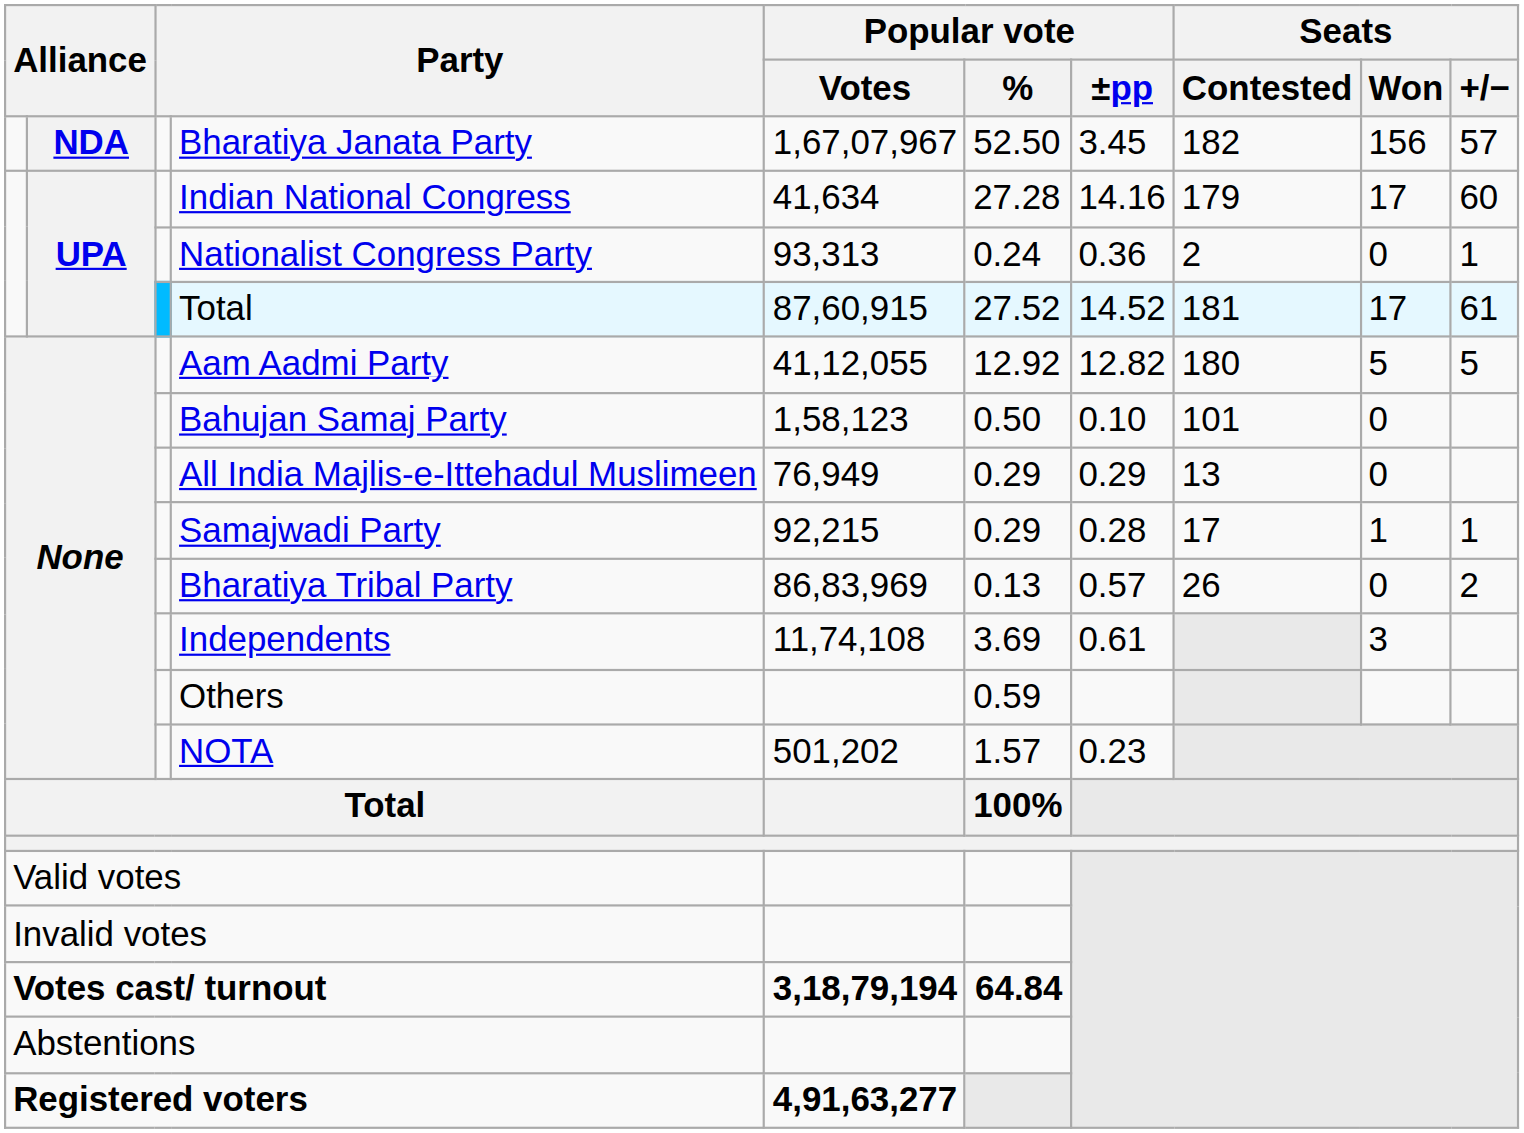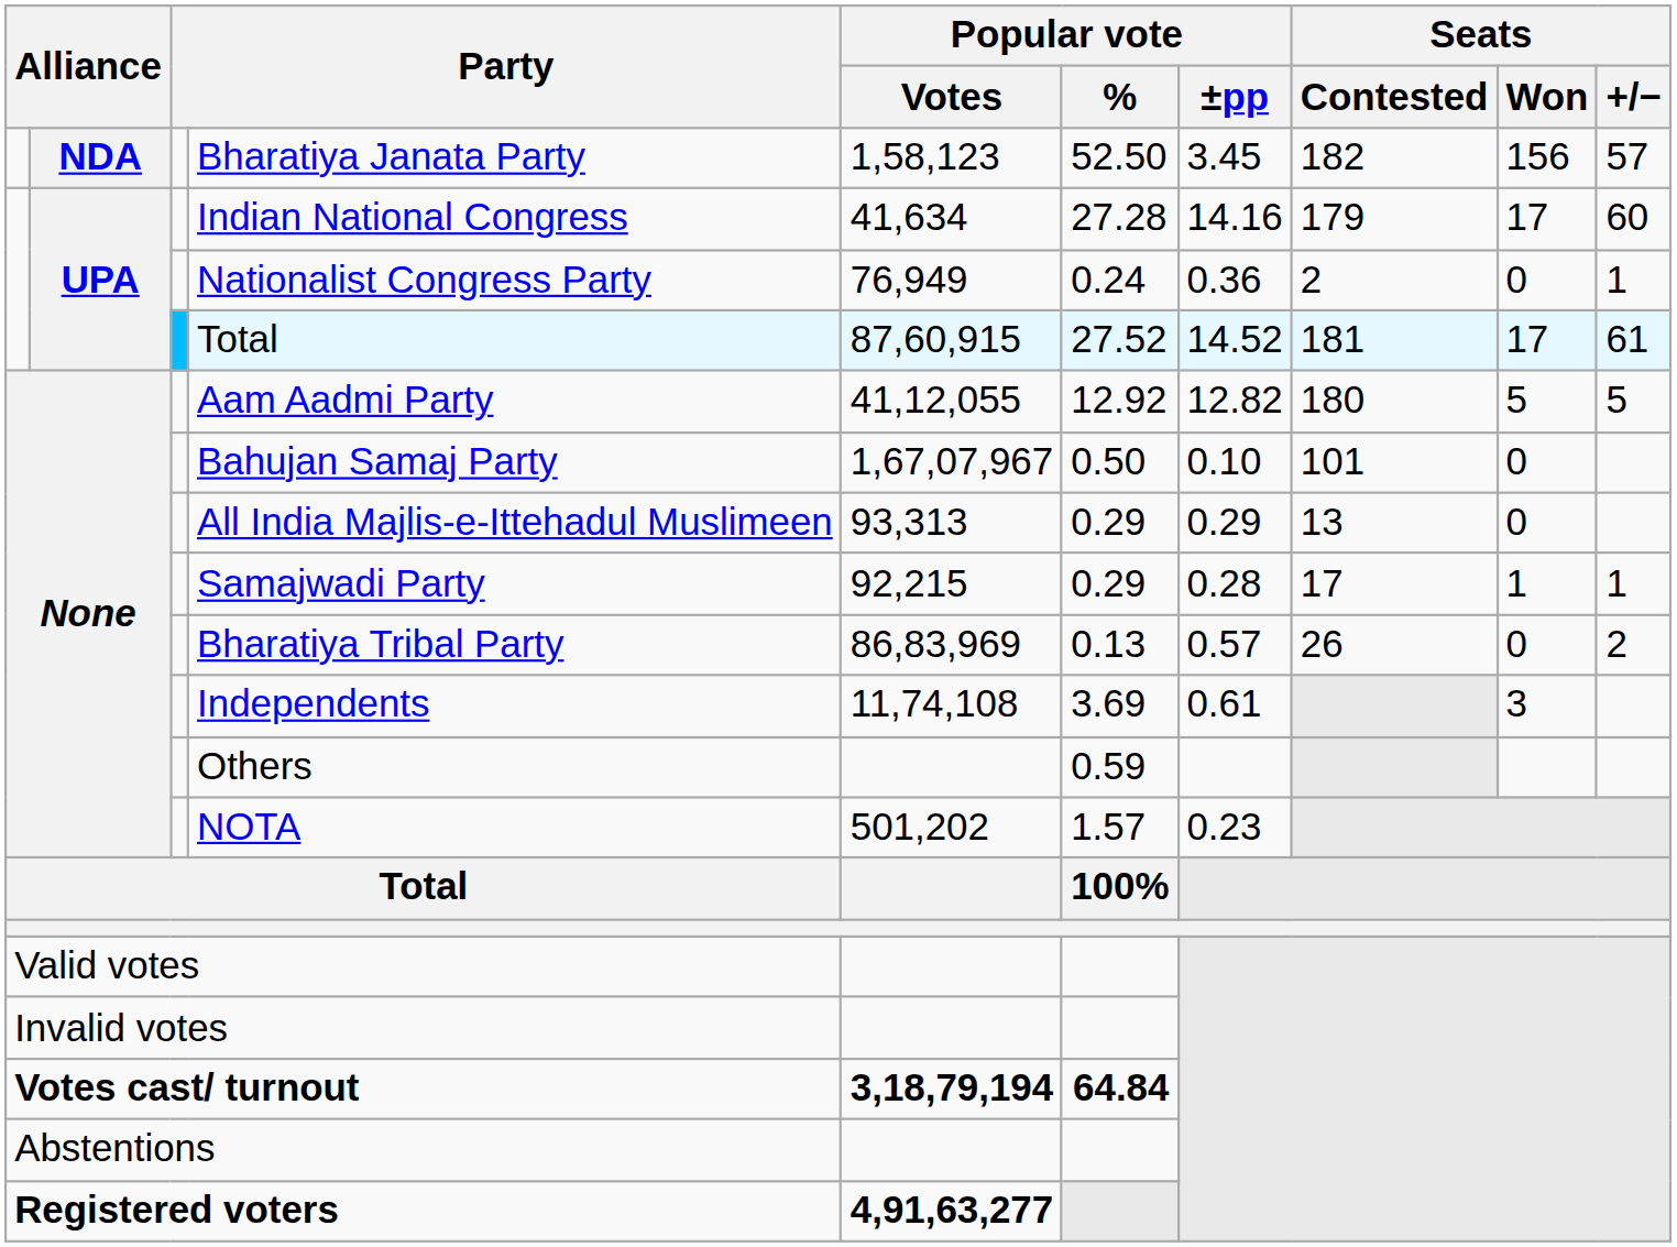 <table class="wikitable">
 <tr>
 <th colspan="2" rowspan="2">Alliance</th>
 <th colspan="2" rowspan="2">Party</th>
 <th colspan="3">Popular vote</th>
 <th colspan="3">Seats</th>
 </tr>
 <tr>
 <th>Votes</th>
 <th>%</th>
 <th>±<a href='#'>pp</a></th>
 <th>Contested</th>
 <th>Won</th>
 <th><strong>+/−</strong></th>
 </tr>
 <tr>
 <td></td>
 <th><a href='#'>NDA</a></th>
 <td></td>
 <td><a href='#'>Bharatiya Janata Party</a></td>
-<td>1,67,07,967</td>
+<td>1,58,123</td>
 <td>52.50</td>
 <td> 3.45</td>
 <td>182</td>
 <td>156</td>
 <td> 57</td>
 </tr>
 <tr>
 <td rowspan="3"></td>
 <th rowspan="3"><a href='#'>UPA</a></th>
 <td></td>
 <td><a href='#'>Indian National Congress</a></td>
 <td>41,634</td>
 <td>27.28</td>
 <td> 14.16</td>
 <td>179</td>
 <td>17</td>
 <td> 60</td>
 </tr>
 <tr>
 <td></td>
 <td><a href='#'>Nationalist Congress Party</a></td>
-<td>93,313</td>
+<td>76,949</td>
 <td>0.24</td>
 <td> 0.36</td>
 <td>2</td>
 <td>0</td>
 <td> 1</td>
 </tr>
 <tr>
 <td style="background:#00bbff"></td>
 <td style="background:#e5f8ff">Total</td>
 <td style="background:#e5f8ff">87,60,915</td>
 <td style="background:#e5f8ff">27.52</td>
 <td style="background:#e5f8ff"> 14.52</td>
 <td style="background:#e5f8ff">181</td>
 <td style="background:#e5f8ff">17</td>
 <td style="background:#e5f8ff"> 61</td>
 </tr>
 <tr>
 <th colspan="2" rowspan="8"><em>None</em></th>
 <td></td>
 <td><a href='#'>Aam Aadmi Party</a></td>
 <td>41,12,055</td>
 <td>12.92</td>
 <td> 12.82</td>
 <td>180</td>
 <td>5</td>
 <td> 5</td>
 </tr>
 <tr>
 <td></td>
 <td><a href='#'>Bahujan Samaj Party</a></td>
-<td>1,58,123</td>
+<td>1,67,07,967</td>
 <td>0.50</td>
 <td> 0.10</td>
 <td>101</td>
 <td>0</td>
 <td></td>
 </tr>
 <tr>
 <td></td>
 <td><a href='#'>All India Majlis-e-Ittehadul Muslimeen</a></td>
-<td>76,949</td>
+<td>93,313</td>
 <td>0.29</td>
 <td> 0.29</td>
 <td>13</td>
 <td>0</td>
 <td></td>
 </tr>
 <tr>
 <td></td>
 <td><a href='#'>Samajwadi Party</a></td>
 <td>92,215</td>
 <td>0.29</td>
 <td> 0.28</td>
 <td>17</td>
 <td>1</td>
 <td> 1</td>
 </tr>
 <tr>
 <td></td>
 <td><a href='#'>Bharatiya Tribal Party</a></td>
 <td>86,83,969</td>
 <td>0.13</td>
 <td>0.57</td>
 <td>26</td>
 <td>0</td>
 <td> 2</td>
 </tr>
 <tr>
 <td></td>
 <td><a href='#'>Independents</a></td>
 <td>11,74,108</td>
 <td>3.69</td>
 <td>0.61</td>
 <td style="background-color:#E9E9E9"></td>
 <td>3</td>
 <td></td>
 </tr>
 <tr>
 <td></td>
 <td>Others</td>
 <td></td>
 <td>0.59</td>
 <td></td>
 <td style="background-color:#E9E9E9"></td>
 <td></td>
 <td></td>
 </tr>
 <tr>
 <td></td>
 <td><a href='#'>NOTA</a></td>
 <td>501,202</td>
 <td>1.57</td>
 <td> 0.23</td>
 <th colspan="3" style="background-color:#E9E9E9"></th>
 </tr>
 <tr>
 <th colspan="4">Total</th>
 <th></th>
 <th>100%</th>
 <th colspan="4" style="background-color:#E9E9E9"></th>
 </tr>
 <tr>
 <th colspan="10"></th>
 </tr>
 <tr>
 <td colspan="4" style="text-align:left;">Valid votes</td>
 <td align="right"></td>
 <td align="right"></td>
 <th colspan="4" rowspan="5" style="background-color:#E9E9E9"></th>
 </tr>
 <tr>
 <td colspan="4" style="text-align:left;">Invalid votes</td>
 <td align="right"></td>
 <td align="right"></td>
 </tr>
 <tr>
 <td colspan="4" style="text-align:left;"><strong>Votes cast/ turnout</strong></td>
 <td align="right"><strong>3,18,79,194</strong></td>
 <td align="right"><strong>64.84</strong></td>
 </tr>
 <tr>
 <td colspan="4" style="text-align:left;">Abstentions</td>
 <td align="right"></td>
 <td align="right"></td>
 </tr>
 <tr>
 <td colspan="4" style="text-align:left;"><strong>Registered voters</strong></td>
 <td align="right"><strong>4,91,63,277</strong></td>
 <td style="background-color:#E9E9E9"></td>
 </tr>
 </table>
